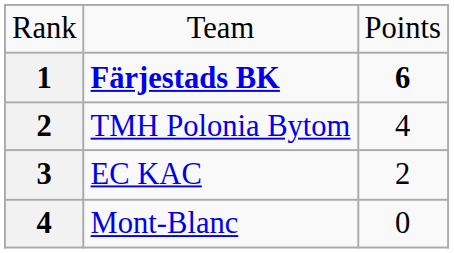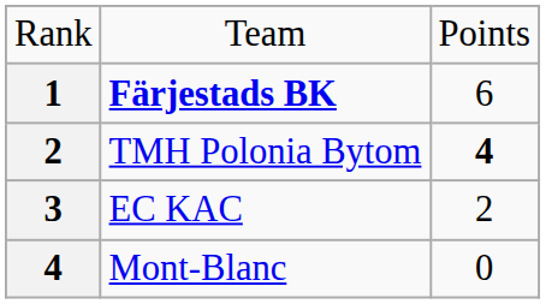 <table class="wikitable" style="text-align: center;">
 <tr>
 <td>Rank</td>
 <td>Team</td>
 <td>Points</td>
 </tr>
 <tr>
 <th>1</th>
 <td style="text-align: left;"> <strong><a href='#'>Färjestads BK</a></strong></td>
-<td><strong>6</strong></td>
+<td>6</td>
 </tr>
 <tr>
 <th>2</th>
 <td style="text-align: left;"> <a href='#'>TMH Polonia Bytom</a></td>
-<td>4</td>
+<td><strong>4</strong></td>
 </tr>
 <tr>
 <th>3</th>
 <td style="text-align: left;"> <a href='#'>EC KAC</a></td>
 <td>2</td>
 </tr>
 <tr>
 <th>4</th>
 <td style="text-align: left;"> <a href='#'>Mont-Blanc</a></td>
 <td>0</td>
 </tr>
 </table>
